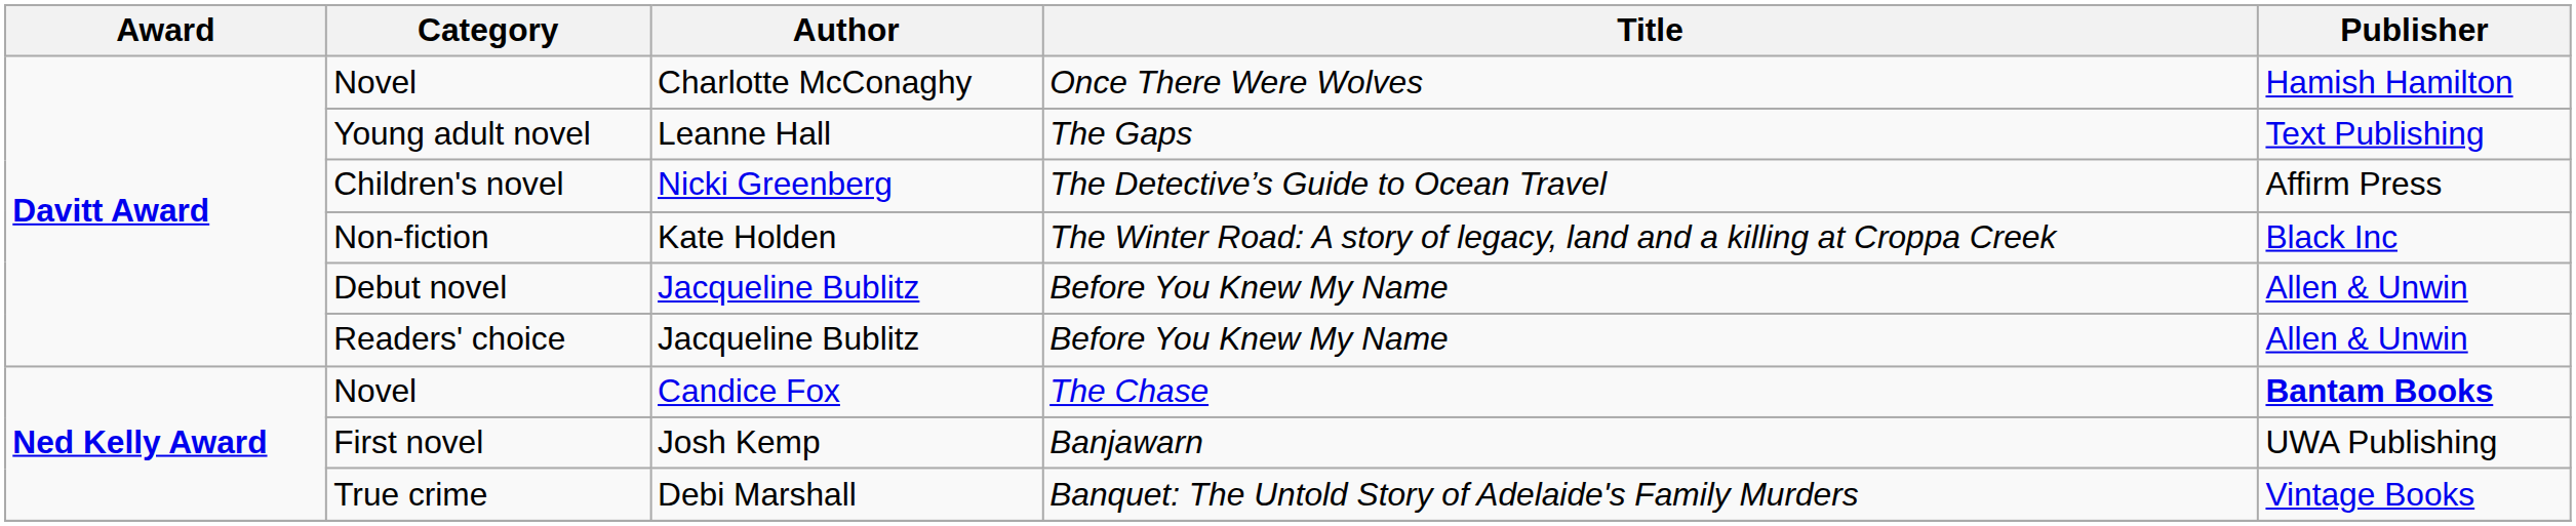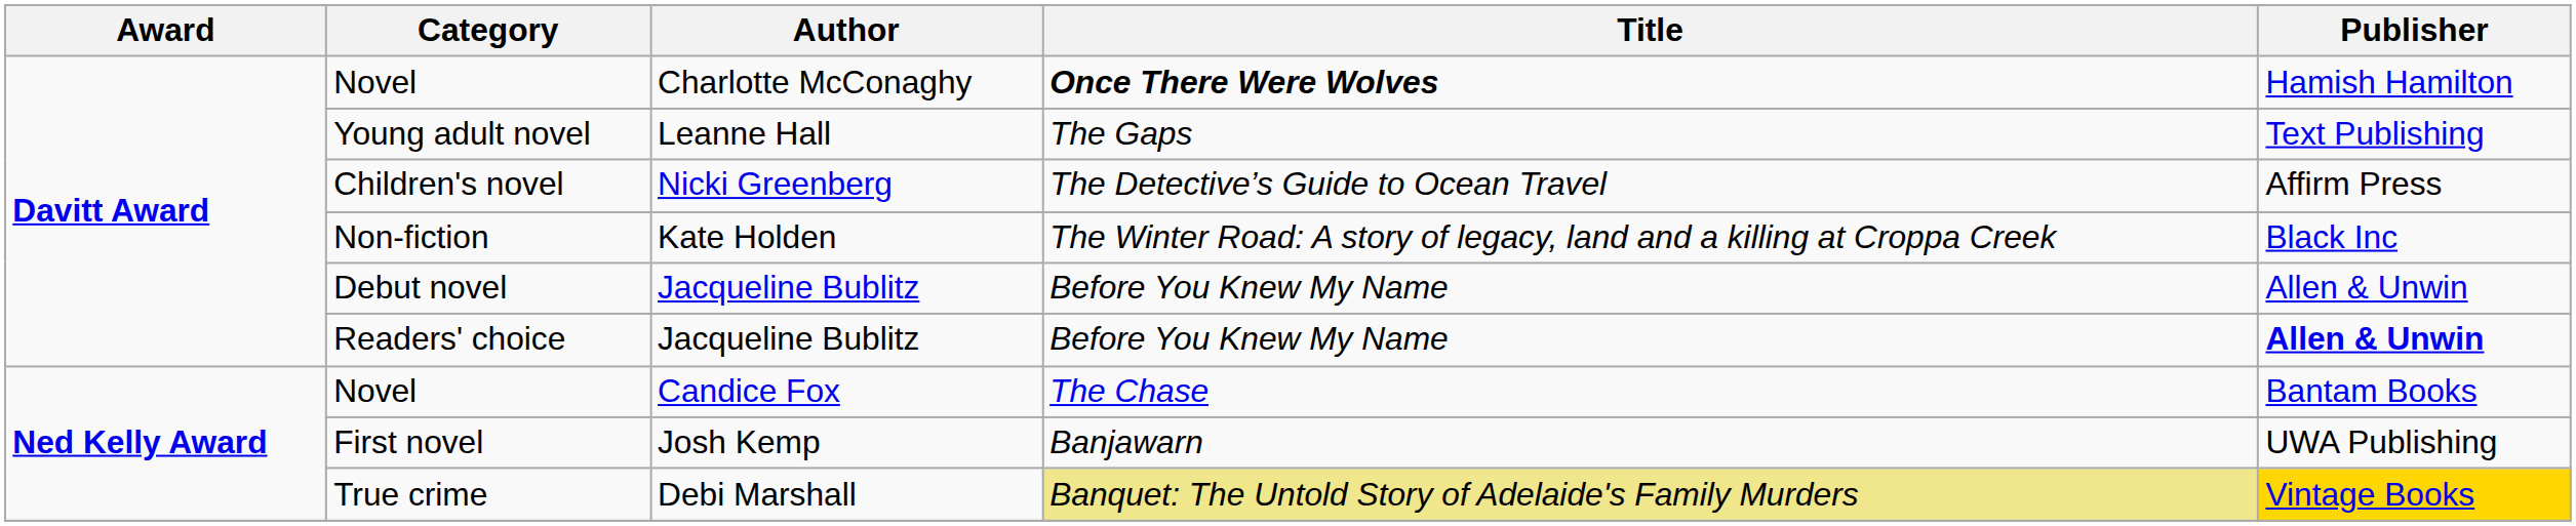 <table class="wikitable" width=100%>
 <tr>
 <th>Award</th>
 <th>Category</th>
 <th>Author</th>
 <th>Title</th>
 <th>Publisher</th>
 </tr>
 <tr>
 <td rowspan=6><strong><a href='#'>Davitt Award</a></strong></td>
 <td>Novel</td>
 <td>Charlotte McConaghy</td>
-<td><em>Once There Were Wolves</em></td>
+<td><strong><em>Once There Were Wolves</em></strong></td>
 <td><a href='#'>Hamish Hamilton</a></td>
 </tr>
 <tr>
 <td>Young adult novel</td>
 <td>Leanne Hall</td>
 <td><em>The Gaps</em></td>
 <td><a href='#'>Text Publishing</a></td>
 </tr>
 <tr>
 <td>Children's novel</td>
 <td><a href='#'>Nicki Greenberg</a></td>
 <td><em>The Detective’s Guide to Ocean Travel</em></td>
 <td>Affirm Press</td>
 </tr>
 <tr>
 <td>Non-fiction</td>
 <td>Kate Holden</td>
 <td><em>The Winter Road: A story of legacy, land and a killing at Croppa Creek</em></td>
 <td><a href='#'>Black Inc</a></td>
 </tr>
 <tr>
 <td>Debut novel</td>
 <td><a href='#'>Jacqueline Bublitz</a></td>
 <td><em>Before You Knew My Name</em></td>
 <td><a href='#'>Allen & Unwin</a></td>
 </tr>
 <tr>
 <td>Readers' choice</td>
 <td>Jacqueline Bublitz</td>
 <td><em>Before You Knew My Name</em></td>
-<td><a href='#'>Allen & Unwin</a></td>
+<td><strong><a href='#'>Allen & Unwin</a></strong></td>
 </tr>
 <tr>
 <td rowspan=3><strong><a href='#'>Ned Kelly Award</a></strong></td>
 <td>Novel</td>
 <td><a href='#'>Candice Fox</a></td>
 <td><em><a href='#'>The Chase</a></em></td>
-<td><strong><a href='#'>Bantam Books</a></strong></td>
+<td><a href='#'>Bantam Books</a></td>
 </tr>
 <tr>
 <td>First novel</td>
 <td>Josh Kemp</td>
 <td><em>Banjawarn</em></td>
 <td>UWA Publishing</td>
 </tr>
 <tr>
 <td>True crime</td>
 <td>Debi Marshall</td>
-<td><em>Banquet: The Untold Story of Adelaide's Family Murders </em></td>
-<td><a href='#'>Vintage Books</a></td>
+<td style="background: khaki;"><em>Banquet: The Untold Story of Adelaide's Family Murders </em></td>
+<td style="background: gold;"><a href='#'>Vintage Books</a></td>
 </tr>
 <tr>
 </tr>
 </table>
